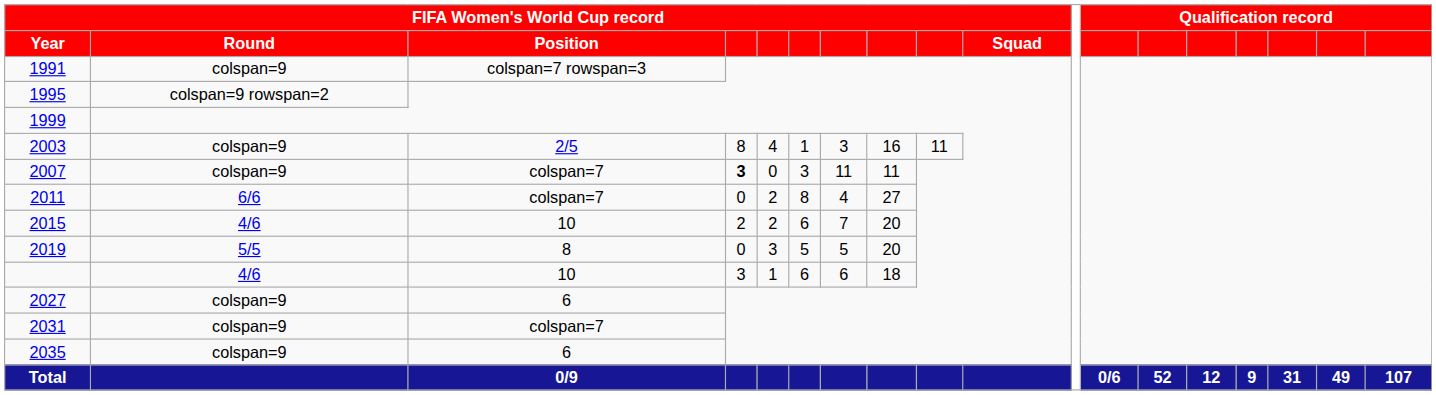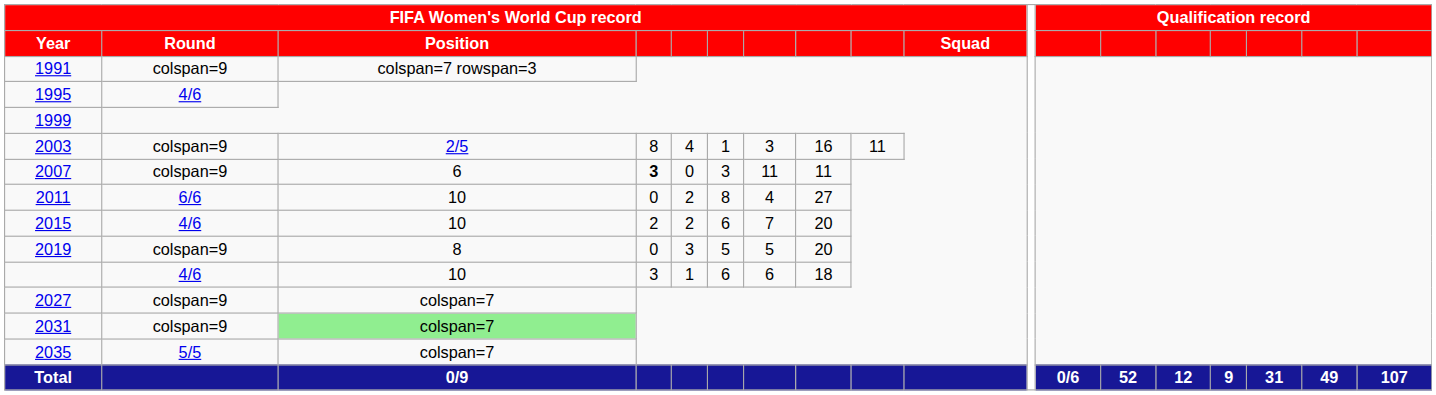 <table class="wikitable" style="font-size:90%; text-align:center;" width="100%" class="wikitable">
 <tr>
 <th colspan=10 style="background:#ff0000; color:white; ">FIFA Women's World Cup record</th>
 <th width="1" rowspan=28 style="background:#FFFFFF; color:white"></th>
 <th colspan=7 style="background:#ff0000; color:white; ">Qualification record</th>
 </tr>
 <tr>
 <th style="background:#ff0000; color:white; ">Year</th>
 <th style="background:#ff0000; color:white; ">Round</th>
 <th style="background:#ff0000; color:white; ">Position</th>
 <th style="background:#ff0000; color:white; "></th>
 <th style="background:#ff0000; color:white; "></th>
 <th style="background:#ff0000; color:white; "></th>
 <th style="background:#ff0000; color:white; "></th>
 <th style="background:#ff0000; color:white; "></th>
 <th style="background:#ff0000; color:white; "></th>
 <th style="background:#ff0000; color:white; ">Squad</th>
 <th style="background:#ff0000; color:white; "></th>
 <th style="background:#ff0000; color:white; "></th>
 <th style="background:#ff0000; color:white; "></th>
 <th style="background:#ff0000; color:white; "></th>
 <th style="background:#ff0000; color:white; "></th>
 <th style="background:#ff0000; color:white; "></th>
 <th style="background:#ff0000; color:white; "></th>
 </tr>
 <tr>
 <td> <a href='#'>1991</a></td>
 <td>colspan=9 </td>
 <td>colspan=7 rowspan=3 </td>
 </tr>
 <tr>
 <td> <a href='#'>1995</a></td>
-<td>colspan=9 rowspan=2 </td>
+<td><a href='#'>4/6</a></td>
 </tr>
 <tr>
 <td> <a href='#'>1999</a></td>
 </tr>
 <tr>
 <td> <a href='#'>2003</a></td>
 <td>colspan=9 </td>
 <td><a href='#'>2/5</a></td>
 <td>8</td>
 <td>4</td>
 <td>1</td>
 <td>3</td>
 <td>16</td>
 <td>11</td>
 </tr>
 <tr>
 <td> <a href='#'>2007</a></td>
 <td>colspan=9 </td>
-<td>colspan=7 </td>
+<td>6</td>
 <td><strong>3</strong></td>
 <td>0</td>
 <td>3</td>
 <td>11</td>
 <td>11</td>
 </tr>
 <tr>
 <td> <a href='#'>2011</a></td>
 <td><a href='#'>6/6</a></td>
-<td>colspan=7 </td>
+<td>10</td>
 <td>0</td>
 <td>2</td>
 <td>8</td>
 <td>4</td>
 <td>27</td>
 </tr>
 <tr>
 <td> <a href='#'>2015</a></td>
 <td><a href='#'>4/6</a></td>
 <td>10</td>
 <td>2</td>
 <td>2</td>
 <td>6</td>
 <td>7</td>
 <td>20</td>
 </tr>
 <tr>
 <td> <a href='#'>2019</a></td>
-<td><a href='#'>5/5</a></td>
+<td>colspan=9 </td>
 <td>8</td>
 <td>0</td>
 <td>3</td>
 <td>5</td>
 <td>5</td>
 <td>20</td>
 </tr>
 <tr>
 <td></td>
 <td><a href='#'>4/6</a></td>
 <td>10</td>
 <td>3</td>
 <td>1</td>
 <td>6</td>
 <td>6</td>
 <td>18</td>
 </tr>
 <tr>
 <td> <a href='#'>2027</a></td>
 <td>colspan=9 </td>
-<td>6</td>
+<td>colspan=7 </td>
 </tr>
 <tr>
 <td> <a href='#'>2031</a></td>
 <td>colspan=9 </td>
-<td>colspan=7 </td>
+<td style="background: lightgreen;">colspan=7 </td>
 </tr>
 <tr>
 <td> <a href='#'>2035</a></td>
-<td>colspan=9 </td>
-<td>6</td>
+<td><a href='#'>5/5</a></td>
+<td>colspan=7 </td>
 </tr>
 <tr>
 <th style="background:#171796; color:white; ">Total</th>
 <th style="background:#171796; color:white; "></th>
 <th style="background:#171796; color:white; ">0/9</th>
 <th style="background:#171796; color:white; "></th>
 <th style="background:#171796; color:white; "></th>
 <th style="background:#171796; color:white; "></th>
 <th style="background:#171796; color:white; "></th>
 <th style="background:#171796; color:white; "></th>
 <th style="background:#171796; color:white; "></th>
 <th style="background:#171796; color:white; "></th>
 <th style="background:#171796; color:white; ">0/6</th>
 <th style="background:#171796; color:white; ">52</th>
 <th style="background:#171796; color:white; ">12</th>
 <th style="background:#171796; color:white; ">9</th>
 <th style="background:#171796; color:white; ">31</th>
 <th style="background:#171796; color:white; ">49</th>
 <th style="background:#171796; color:white; ">107</th>
 </tr>
 </table>
